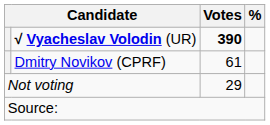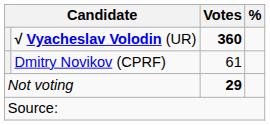 <table class=wikitable>
 <tr>
 <th colspan=2>Candidate</th>
 <th>Votes</th>
 <th>%</th>
 </tr>
 <tr>
 <th style="background-color:"></th>
 <td><strong>√ <a href='#'>Vyacheslav Volodin</a></strong> (UR)</td>
-<td style="text-align:right"><strong>390</strong></td>
+<td style="text-align:right"><strong>360</strong></td>
 <td style="text-align:right"><strong></strong></td>
 </tr>
 <tr>
 <th style="background-color:"></th>
 <td><a href='#'>Dmitry Novikov</a> (CPRF)</td>
 <td style="text-align:right">61</td>
 <td style="text-align:right"></td>
 </tr>
 <tr>
 <td colspan=2 style="text-align:left"><em>Not voting</em></td>
-<td style="text-align:right">29</td>
+<td style="text-align:right"><strong>29</strong></td>
 <td style="text-align:right"></td>
 </tr>
 <tr>
 <td colspan=4 style="text-align:left">Source:</td>
 </tr>
 </table>
